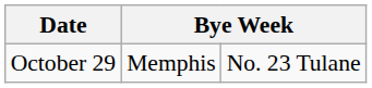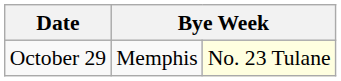 <table class="wikitable" style="font-size:95%;">
 <tr>
 <th>Date</th>
 <th colspan="3">Bye Week</th>
 </tr>
 <tr>
 <td>October 29</td>
 <td>Memphis</td>
-<td>No. 23 Tulane</td>
+<td style="background: lightyellow;">No. 23 Tulane</td>
 </tr>
 </table>
